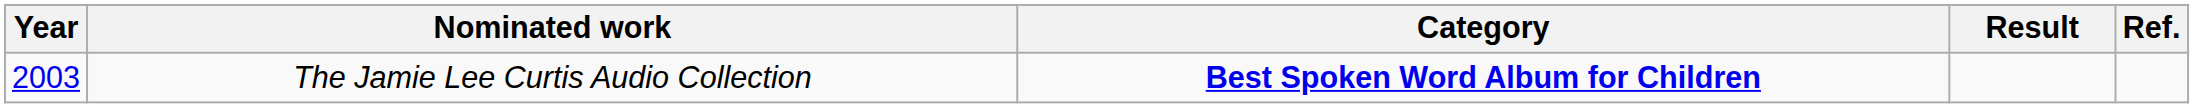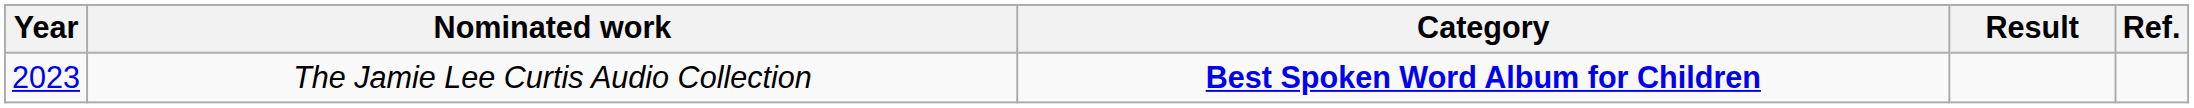 <table class="wikitable">
 <tr>
 <th scope="col" style="width:1em;">Year</th>
 <th scope="col" style="width:30em;">Nominated work</th>
 <th scope="col" style="width:30em;">Category</th>
 <th scope="col" style="width:5em;">Result</th>
 <th scope="col" style="width:1em;">Ref.</th>
 </tr>
 <tr>
-<td align="center"><a href='#'>2003</a></td>
+<td align="center"><a href='#'>2023</a></td>
 <td align="center"><em>The Jamie Lee Curtis Audio Collection</em></td>
 <td align="center"><strong><a href='#'>Best Spoken Word Album for Children</a></strong></td>
 <td></td>
 <td align="center"></td>
 </tr>
 </table>
